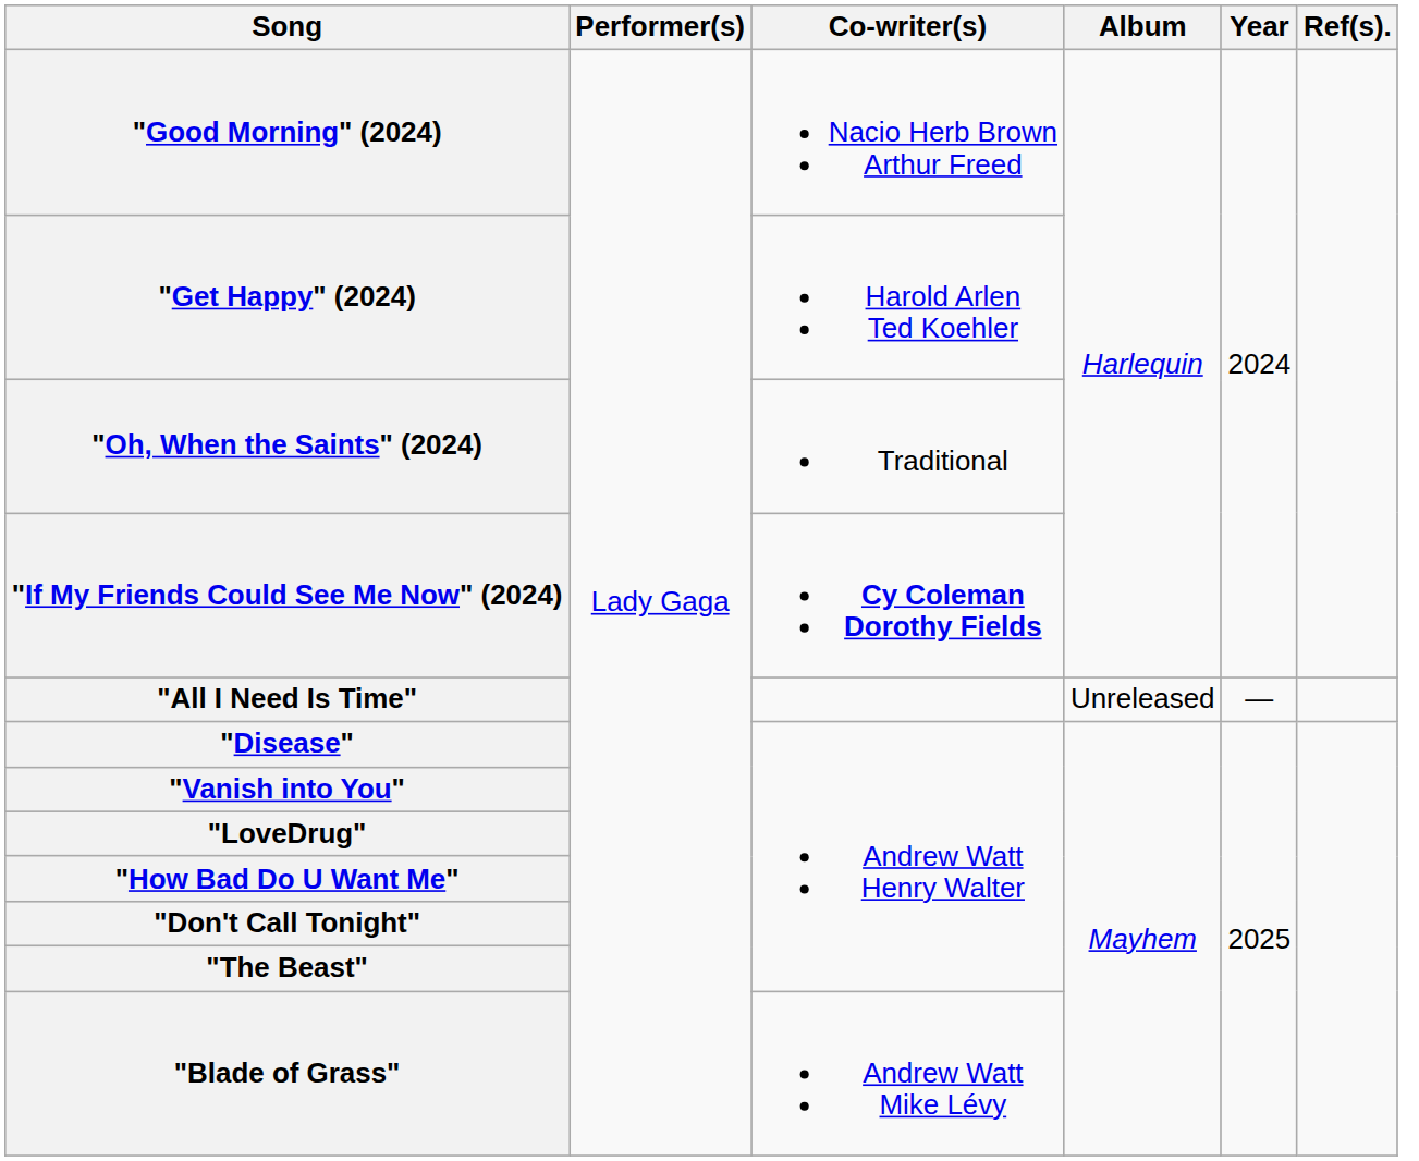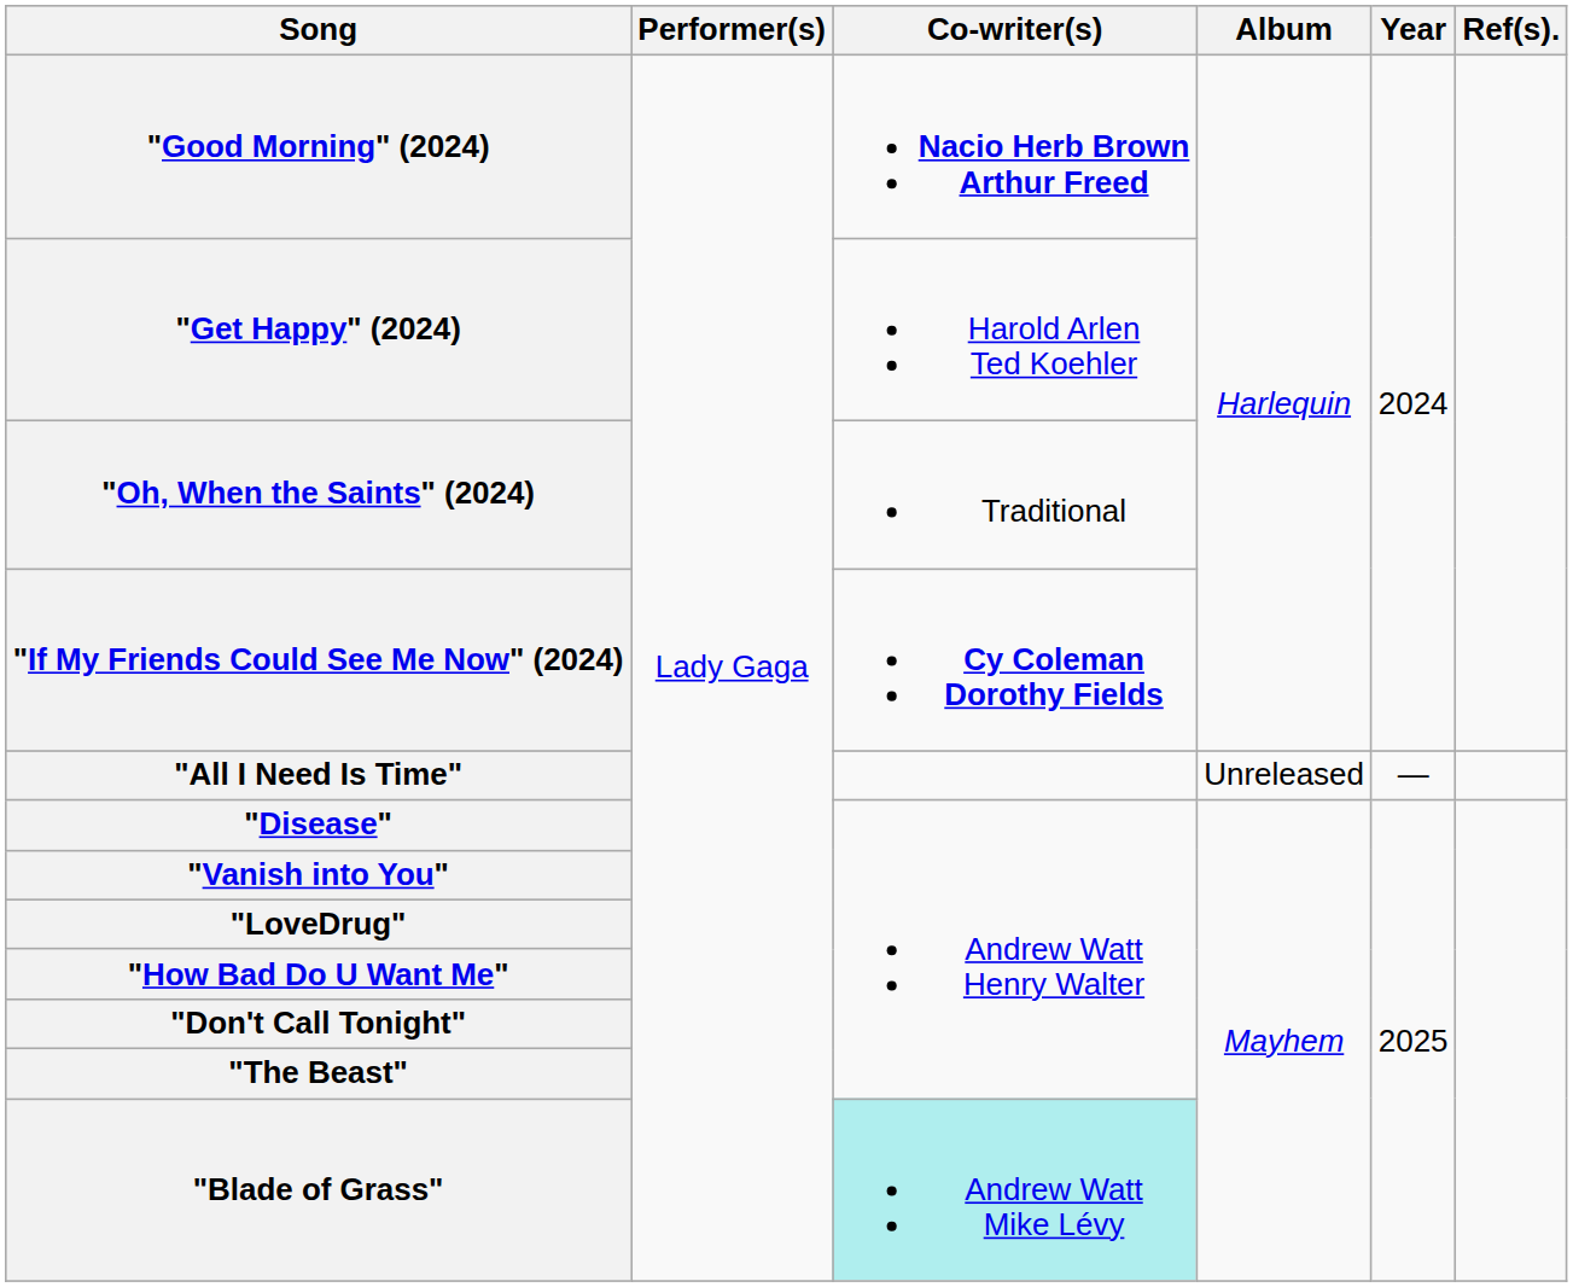 <table class="wikitable plainrowheaders sortable" style="text-align:center;">
 <tr>
 <th scope="col">Song</th>
 <th scope="col">Performer(s)</th>
 <th scope="col">Co-writer(s)</th>
 <th scope="col">Album</th>
 <th scope="col">Year</th>
 <th scope="col"><abbr>Ref(s).</abbr></th>
 </tr>
 <tr>
 <th scope="row">"<a href='#'>Good Morning</a>" (2024)</th>
 <td rowspan="12"><a href='#'>Lady Gaga</a></td>
-<td><br><ul><li><a href='#'>Nacio Herb Brown</a></li><li><a href='#'>Arthur Freed</a></li></ul></td>
+<td><strong><br><ul><li><a href='#'>Nacio Herb Brown</a></li><li><a href='#'>Arthur Freed</a></li></ul></strong></td>
 <td rowspan="4"><em><a href='#'>Harlequin</a></em></td>
 <td rowspan="4">2024</td>
 <td rowspan="4"></td>
 </tr>
 <tr>
 <th scope="row">"<a href='#'>Get Happy</a>" (2024)</th>
 <td><br><ul><li><a href='#'>Harold Arlen</a></li><li><a href='#'>Ted Koehler</a></li></ul></td>
 </tr>
 <tr>
 <th scope="row">"<a href='#'>Oh, When the Saints</a>" (2024)</th>
 <td><br><ul><li>Traditional</li></ul></td>
 </tr>
 <tr>
 <th scope="row">"<a href='#'>If My Friends Could See Me Now</a>" (2024)</th>
 <td><strong><br><ul><li><a href='#'>Cy Coleman</a></li><li><a href='#'>Dorothy Fields</a></li></ul></strong></td>
 </tr>
 <tr>
 <th scope="row">"All I Need Is Time"</th>
 <td></td>
 <td>Unreleased</td>
 <td>—</td>
 <td></td>
 </tr>
 <tr>
 <th scope="row">"<a href='#'>Disease</a>"</th>
 <td rowspan="6"><br><ul><li><a href='#'>Andrew Watt</a></li><li><a href='#'>Henry Walter</a></li></ul></td>
 <td rowspan="7"><em><a href='#'>Mayhem</a></em></td>
 <td rowspan="7">2025</td>
 <td rowspan="7"></td>
 </tr>
 <tr>
 <th scope="row">"<a href='#'>Vanish into You</a>"</th>
 </tr>
 <tr>
 <th scope="row">"LoveDrug"</th>
 </tr>
 <tr>
 <th scope="row">"<a href='#'>How Bad Do U Want Me</a>"</th>
 </tr>
 <tr>
 <th scope="row">"Don't Call Tonight"</th>
 </tr>
 <tr>
 <th scope="row">"The Beast"</th>
 </tr>
 <tr>
 <th scope="row">"Blade of Grass"</th>
-<td><br><ul><li><a href='#'>Andrew Watt</a></li><li><a href='#'>Mike Lévy</a></li></ul></td>
+<td style="background: paleturquoise;"><br><ul><li><a href='#'>Andrew Watt</a></li><li><a href='#'>Mike Lévy</a></li></ul></td>
 </tr>
 </table>
